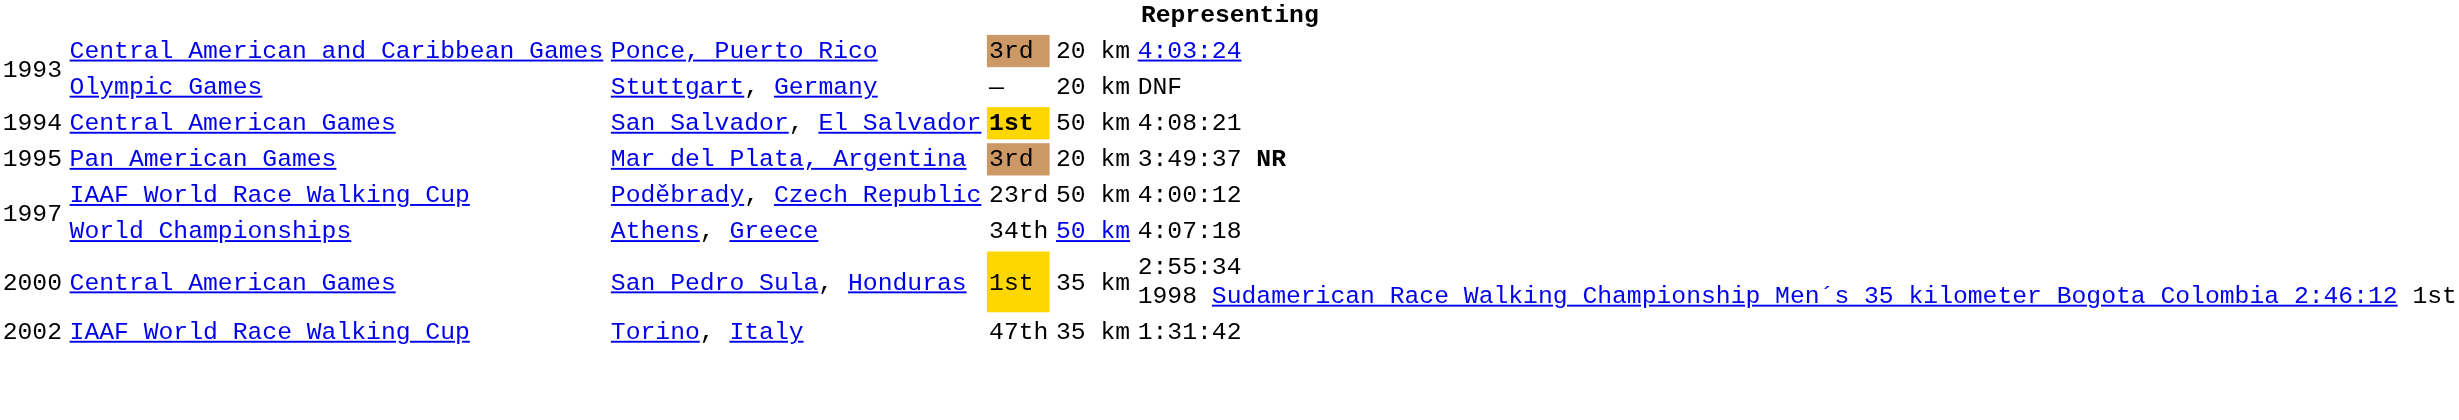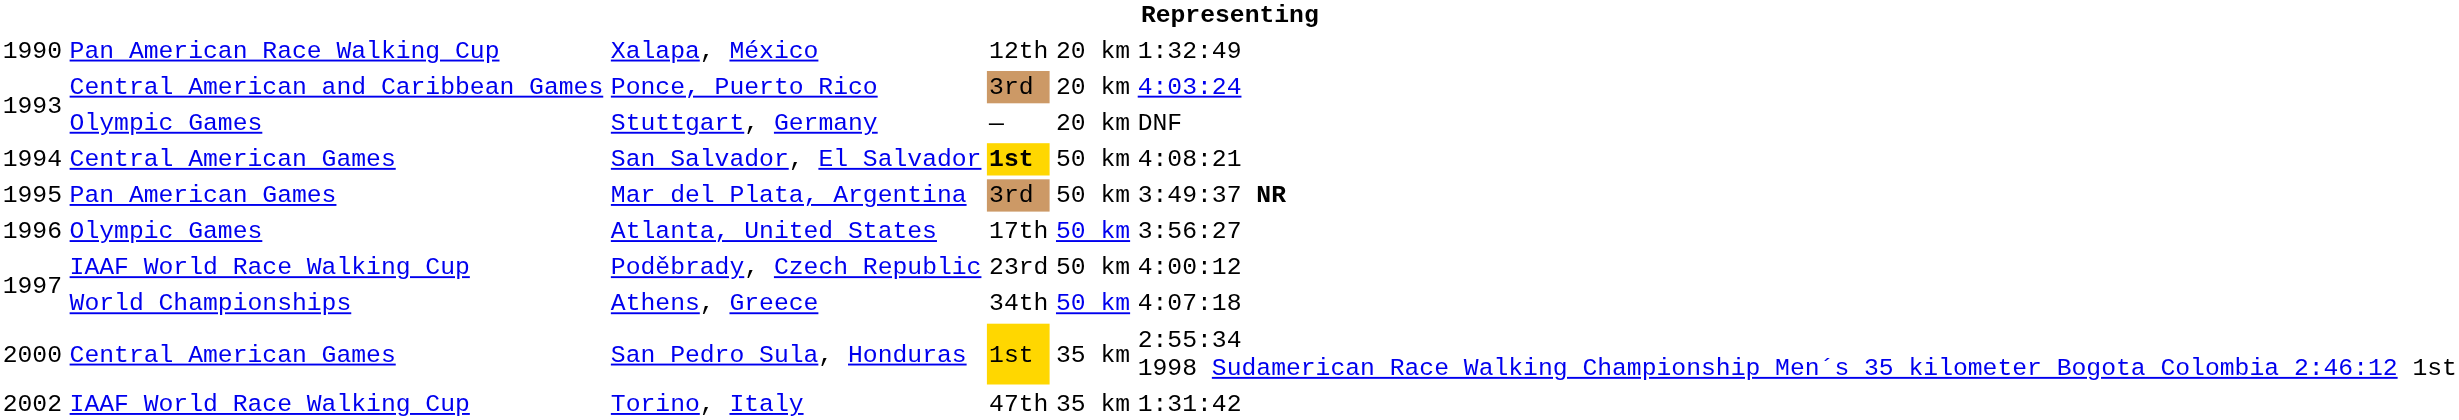 <table>
 <tr>
 <th colspan="6">Representing </th>
+</tr>
+<tr>
+<td>1990</td>
+<td><a href='#'>Pan American Race Walking Cup</a></td>
+<td><a href='#'>Xalapa</a>, <a href='#'>México</a></td>
+<td>12th</td>
+<td>20 km</td>
+<td>1:32:49</td>
 </tr>
 <tr>
 <td rowspan = "2">1993</td>
 <td><a href='#'>Central American and Caribbean Games</a></td>
 <td><a href='#'>Ponce, Puerto Rico</a></td>
 <td bgcolor="cc9966">3rd</td>
 <td>20 km</td>
 <td><a href='#'>4:03:24</a></td>
 </tr>
 <tr>
 <td><a href='#'>Olympic Games</a></td>
 <td><a href='#'>Stuttgart</a>, <a href='#'>Germany</a></td>
 <td>—</td>
 <td>20 km</td>
 <td>DNF</td>
 </tr>
 <tr>
 <td>1994</td>
 <td><a href='#'>Central American Games</a></td>
 <td><a href='#'>San Salvador</a>, <a href='#'>El Salvador</a></td>
 <td bgcolor=gold><strong>1st</strong></td>
 <td>50 km</td>
 <td>4:08:21</td>
 </tr>
 <tr>
 <td>1995</td>
 <td><a href='#'>Pan American Games</a></td>
 <td><a href='#'>Mar del Plata, Argentina</a></td>
 <td bgcolor="cc9966">3rd</td>
-<td>20 km</td>
+<td>50 km</td>
 <td>3:49:37 <strong>NR</strong></td>
+</tr>
+<tr>
+<td>1996</td>
+<td><a href='#'>Olympic Games</a></td>
+<td><a href='#'>Atlanta, United States</a></td>
+<td>17th</td>
+<td><a href='#'>50 km</a></td>
+<td>3:56:27</td>
 </tr>
 <tr>
 <td rowspan = "2">1997</td>
 <td><a href='#'>IAAF World Race Walking Cup</a></td>
 <td><a href='#'>Poděbrady</a>, <a href='#'>Czech Republic</a></td>
 <td>23rd</td>
 <td>50 km</td>
 <td>4:00:12</td>
 </tr>
 <tr>
 <td><a href='#'>World Championships</a></td>
 <td><a href='#'>Athens</a>, <a href='#'>Greece</a></td>
 <td>34th</td>
 <td><a href='#'>50 km</a></td>
 <td>4:07:18</td>
 </tr>
 <tr>
 <td>2000</td>
 <td><a href='#'>Central American Games</a></td>
 <td><a href='#'>San Pedro Sula</a>, <a href='#'>Honduras</a></td>
 <td bgcolor=gold>1st</td>
 <td>35 km</td>
 <td>2:55:34<br>1998 <a href='#'>Sudamerican Race Walking Championship Men´s 35 kilometer Bogota Colombia 2:46:12</a> 1st</td>
 </tr>
 <tr>
 <td>2002</td>
 <td><a href='#'>IAAF World Race Walking Cup</a></td>
 <td><a href='#'>Torino</a>, <a href='#'>Italy</a></td>
 <td>47th</td>
 <td>35 km</td>
 <td>1:31:42</td>
 </tr>
 </table>
